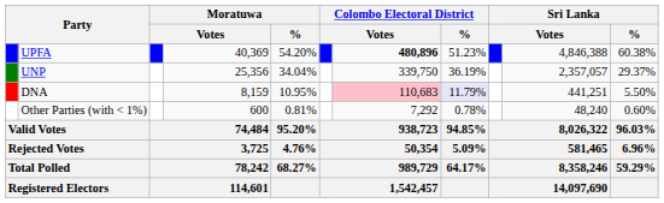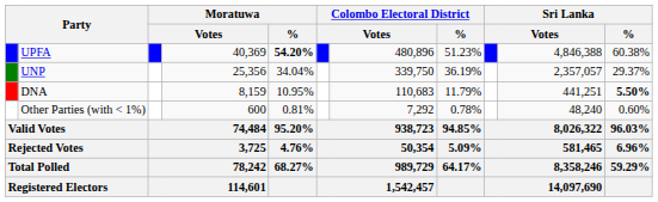 <table class="wikitable">
 <tr>
 <th colspan="2" width="144px"rowspan="2">Party</th>
 <th colspan="3" width="216px">Moratuwa</th>
 <th colspan="3" width="216px"><a href='#'>Colombo Electoral District</a></th>
 <th colspan="3" width="216px">Sri Lanka</th>
 </tr>
 <tr>
 <th colspan="2" width="144px">Votes</th>
 <th>%</th>
 <th colspan="2" width="144px">Votes</th>
 <th>%</th>
 <th colspan="2" width="144px">Votes</th>
 <th>%</th>
 </tr>
 <tr>
 <td style="background-color:blue;" width="10px"></td>
 <td style="text-align:left;"><a href='#'>UPFA</a></td>
 <td style="background-color:blue;" width="10px"></td>
 <td style="text-align:right;">40,369</td>
-<td style="text-align:right;">54.20%</td>
+<td style="text-align:right;"><strong>54.20%</strong></td>
 <td style="background-color:blue;" width="10px"></td>
-<td style="text-align:right;"><strong>480,896</strong></td>
+<td style="text-align:right;">480,896</td>
 <td style="text-align:right;">51.23%</td>
 <td style="background-color:blue;" width="10px"></td>
 <td style="text-align:right;">4,846,388</td>
 <td style="text-align:right;">60.38%</td>
 </tr>
 <tr>
 <td style="background-color:green;" width="10px"></td>
 <td style="text-align:left;"><a href='#'>UNP</a></td>
 <td style="background-color:white;" width="10px"></td>
 <td style="text-align:right;">25,356</td>
 <td style="text-align:right;">34.04%</td>
 <td style="background-color:white;" width="10px"></td>
 <td style="text-align:right;">339,750</td>
 <td style="text-align:right;">36.19%</td>
 <td style="background-color:white;" width="10px"></td>
 <td style="text-align:right;">2,357,057</td>
 <td style="text-align:right;">29.37%</td>
 </tr>
 <tr>
 <td style="background-color:red;" width="10px"></td>
 <td style="text-align:left;">DNA</td>
 <td style="background-color:white;" width="10px"></td>
 <td style="text-align:right;">8,159</td>
 <td style="text-align:right;">10.95%</td>
 <td style="background-color:white;" width="10px"></td>
-<td style="background: pink; text-align:right;">110,683</td>
-<td style="background: lavender; text-align:right;">11.79%</td>
+<td style="text-align:right;">110,683</td>
+<td style="text-align:right;">11.79%</td>
 <td style="background-color:white;" width="10px"></td>
 <td style="text-align:right;">441,251</td>
-<td style="text-align:right;">5.50%</td>
+<td style="text-align:right;"><strong>5.50%</strong></td>
 </tr>
 <tr>
 <td style="background-color:white;" width="10px"></td>
 <td style="text-align:left;">Other Parties (with < 1%)</td>
 <td style="background-color:white;" width="10px"></td>
 <td style="text-align:right;">600</td>
 <td style="text-align:right;">0.81%</td>
 <td style="background-color:white;" width="10px"></td>
 <td style="text-align:right;">7,292</td>
 <td style="text-align:right;">0.78%</td>
 <td style="background-color:white;" width="10px"></td>
 <td style="text-align:right;">48,240</td>
 <td style="text-align:right;">0.60%</td>
 </tr>
 <tr>
 <th colspan="2" width="144px"style="text-align:left;">Valid Votes</th>
 <th style="text-align:right;"colspan="2" width="144px">74,484</th>
 <th style="text-align:right;">95.20%</th>
 <th style="text-align:right;"colspan="2" width="144px">938,723</th>
 <th style="text-align:right;">94.85%</th>
 <th style="text-align:right;"colspan="2" width="144px">8,026,322</th>
 <th style="text-align:right;">96.03%</th>
 </tr>
 <tr>
 <th colspan="2" width="144px"style="text-align:left;">Rejected Votes</th>
 <th style="text-align:right;"colspan="2" width="144px">3,725</th>
 <th style="text-align:right;">4.76%</th>
 <th style="text-align:right;"colspan="2" width="144px">50,354</th>
 <th style="text-align:right;">5.09%</th>
 <th style="text-align:right;"colspan="2" width="144px">581,465</th>
 <th style="text-align:right;">6.96%</th>
 </tr>
 <tr>
 <th colspan="2" width="144px"style="text-align:left;">Total Polled</th>
 <th style="text-align:right;"colspan="2" width="144px">78,242</th>
 <th style="text-align:right;">68.27%</th>
 <th style="text-align:right;"colspan="2" width="144px">989,729</th>
 <th style="text-align:right;">64.17%</th>
 <th style="text-align:right;"colspan="2" width="144px">8,358,246</th>
 <th style="text-align:right;">59.29%</th>
 </tr>
 <tr>
 <th colspan="2" width="144px"style="text-align:left;">Registered Electors</th>
 <th style="text-align:right;"colspan="2" width="144px">114,601</th>
 <th></th>
 <th style="text-align:right;"colspan="2" width="144px">1,542,457</th>
 <th></th>
 <th style="text-align:right;"colspan="2" width="144px">14,097,690</th>
 <th></th>
 </tr>
 </table>
